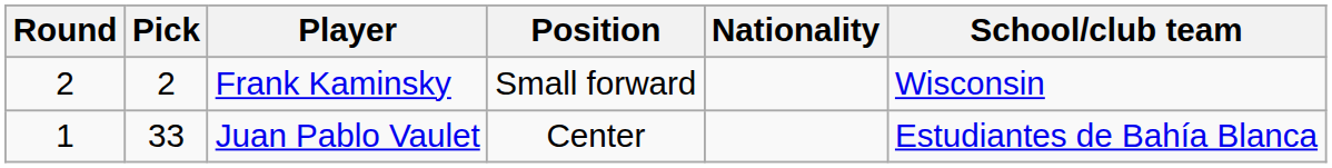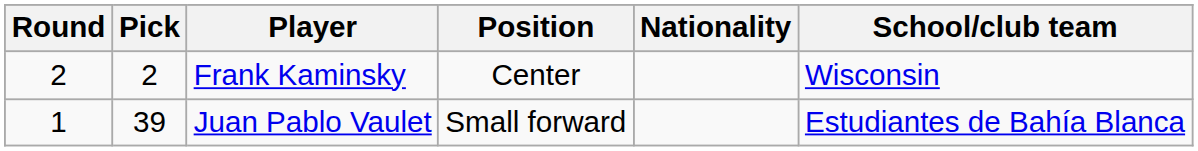 <table class="wikitable sortable sortable">
 <tr>
 <th>Round</th>
 <th>Pick</th>
 <th>Player</th>
 <th>Position</th>
 <th>Nationality</th>
 <th>School/club team</th>
 </tr>
 <tr>
 <td align=center>2</td>
 <td align=center>2</td>
 <td><a href='#'>Frank Kaminsky</a></td>
-<td align=center>Small forward</td>
+<td align=center>Center</td>
 <td></td>
 <td><a href='#'>Wisconsin</a></td>
 </tr>
 <tr>
 <td align=center>1</td>
-<td align=center>33</td>
+<td align=center>39</td>
 <td><a href='#'>Juan Pablo Vaulet</a></td>
-<td align=center>Center</td>
+<td align=center>Small forward</td>
 <td></td>
 <td><a href='#'>Estudiantes de Bahía Blanca</a></td>
 </tr>
 </table>
